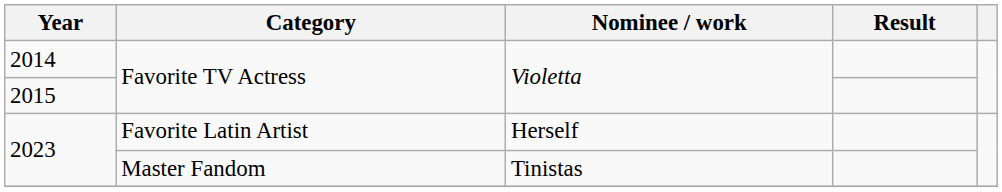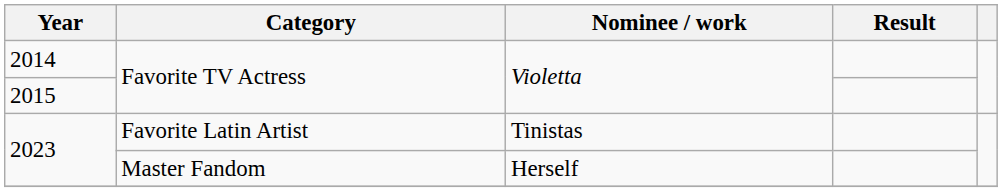 <table class="wikitable" style="width:55%;">
 <tr>
 <th>Year</th>
 <th>Category</th>
 <th>Nominee / work</th>
 <th>Result</th>
 <th></th>
 </tr>
 <tr>
 <td>2014</td>
 <td rowspan="2">Favorite TV Actress</td>
 <td rowspan="2"><em>Violetta</em></td>
 <td></td>
 <td rowspan="2" style="text-align:center;"></td>
 </tr>
 <tr>
 <td>2015</td>
 <td></td>
 </tr>
 <tr>
 <td rowspan="2">2023</td>
 <td>Favorite Latin Artist</td>
-<td>Herself</td>
+<td>Tinistas</td>
 <td></td>
 <td rowspan="2" style="text-align:center;"></td>
 </tr>
 <tr>
 <td>Master Fandom</td>
-<td>Tinistas</td>
+<td>Herself</td>
 <td></td>
 </tr>
 <tr>
 </tr>
 </table>
